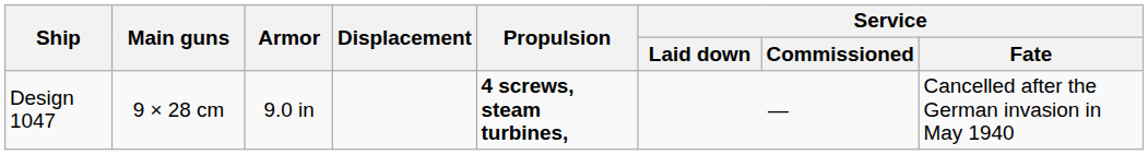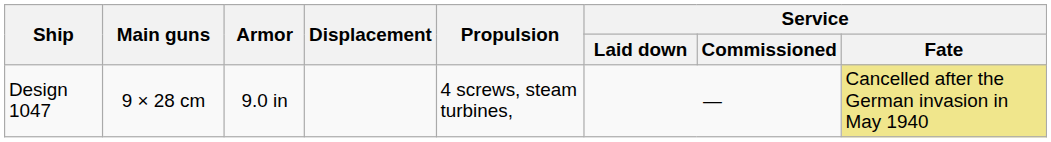 <table class="wikitable" style="width: 100%;">
 <tr valign="center" |- valign="center">
 <th width="10%" align="center" rowspan="2">Ship</th>
 <th width="13%" align="center" rowspan="2">Main guns</th>
 <th width="8%" align="center" rowspan="2">Armor</th>
 <th width="10%" align="center" rowspan="2">Displacement</th>
 <th width="15%" align="center" rowspan="2">Propulsion</th>
 <th width="30%" align="center" colspan="3">Service</th>
 </tr>
 <tr valign="top">
 <th width="12%" align="center">Laid down</th>
 <th width="10%" align="center">Commissioned</th>
 <th width="30%" align="center">Fate</th>
 </tr>
 <tr valign="center">
 <td align="left">Design 1047</td>
 <td align="center">9 × 28 cm</td>
 <td align="center">9.0 in</td>
 <td align="center"></td>
-<td align="left"><strong>4 screws, steam turbines, </strong></td>
+<td align="left">4 screws, steam turbines, </td>
 <td colspan="2" align="center">—</td>
-<td align="left">Cancelled after the German invasion in May 1940</td>
+<td align="left" style="background: khaki;">Cancelled after the German invasion in May 1940</td>
 </tr>
 </table>
